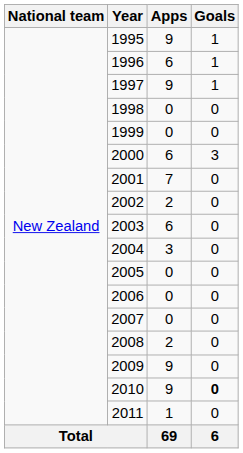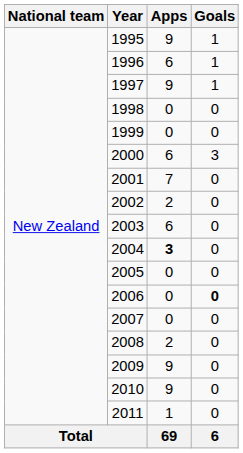 <table class="wikitable" style="text-align:center">
 <tr>
 <th>National team</th>
 <th>Year</th>
 <th>Apps</th>
 <th>Goals</th>
 </tr>
 <tr>
 <td rowspan="17"><a href='#'>New Zealand</a></td>
 <td>1995</td>
 <td>9</td>
 <td>1</td>
 </tr>
 <tr>
 <td>1996</td>
 <td>6</td>
 <td>1</td>
 </tr>
 <tr>
 <td>1997</td>
 <td>9</td>
 <td>1</td>
 </tr>
 <tr>
 <td>1998</td>
 <td>0</td>
 <td>0</td>
 </tr>
 <tr>
 <td>1999</td>
 <td>0</td>
 <td>0</td>
 </tr>
 <tr>
 <td>2000</td>
 <td>6</td>
 <td>3</td>
 </tr>
 <tr>
 <td>2001</td>
 <td>7</td>
 <td>0</td>
 </tr>
 <tr>
 <td>2002</td>
 <td>2</td>
 <td>0</td>
 </tr>
 <tr>
 <td>2003</td>
 <td>6</td>
 <td>0</td>
 </tr>
 <tr>
 <td>2004</td>
-<td>3</td>
+<td><strong>3</strong></td>
 <td>0</td>
 </tr>
 <tr>
 <td>2005</td>
 <td>0</td>
 <td>0</td>
 </tr>
 <tr>
 <td>2006</td>
 <td>0</td>
-<td>0</td>
+<td><strong>0</strong></td>
 </tr>
 <tr>
 <td>2007</td>
 <td>0</td>
 <td>0</td>
 </tr>
 <tr>
 <td>2008</td>
 <td>2</td>
 <td>0</td>
 </tr>
 <tr>
 <td>2009</td>
 <td>9</td>
 <td>0</td>
 </tr>
 <tr>
 <td>2010</td>
 <td>9</td>
-<td><strong>0</strong></td>
+<td>0</td>
 </tr>
 <tr>
 <td>2011</td>
 <td>1</td>
 <td>0</td>
 </tr>
 <tr>
 <th colspan="2">Total</th>
 <th>69</th>
 <th>6</th>
 </tr>
 </table>
